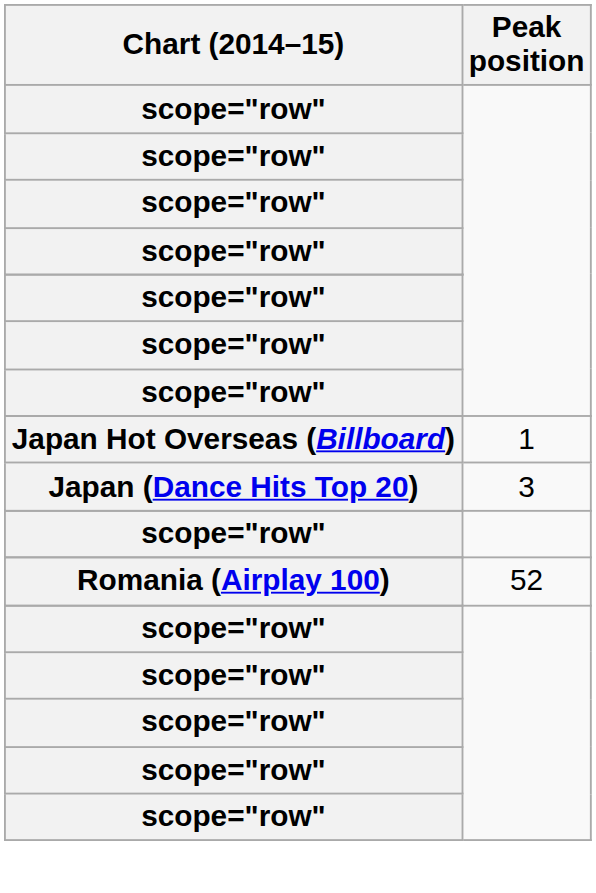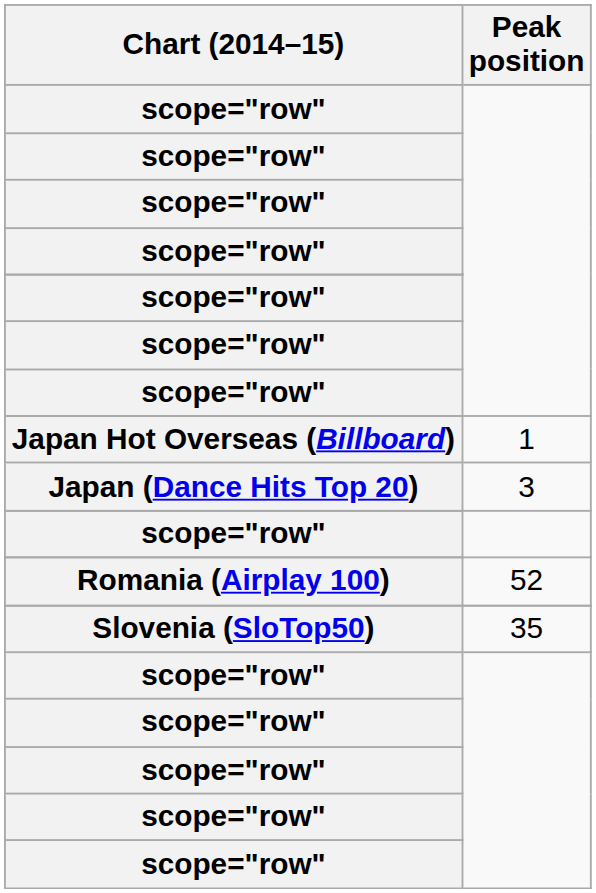 <table class="wikitable sortable plainrowheaders">
 <tr>
 <th>Chart (2014–15)</th>
 <th>Peak<br>position</th>
 </tr>
 <tr>
 <th>scope="row"</th>
 </tr>
 <tr>
 <th>scope="row"</th>
 </tr>
 <tr>
 <th>scope="row"</th>
 </tr>
 <tr>
 <th>scope="row"</th>
 </tr>
 <tr>
 </tr>
 <tr>
 </tr>
 <tr>
 <th>scope="row"</th>
 </tr>
 <tr>
 <th>scope="row"</th>
 </tr>
 <tr>
 <th>scope="row"</th>
 </tr>
 <tr>
 </tr>
 <tr>
 </tr>
 <tr>
 <th scope="row">Japan Hot Overseas (<em><a href='#'>Billboard</a></em>)</th>
 <td style="text-align:center;">1</td>
 </tr>
 <tr>
 <th scope="row">Japan (<a href='#'>Dance Hits Top 20</a>)</th>
 <td style="text-align:center;">3</td>
 </tr>
 <tr>
 </tr>
 <tr>
 <th>scope="row"</th>
 </tr>
 <tr>
 </tr>
 <tr>
 <th scope="row">Romania (<a href='#'>Airplay 100</a>)</th>
 <td align=center>52</td>
 </tr>
 <tr>
 </tr>
 <tr>
 </tr>
 <tr>
 </tr>
 <tr>
+<th scope="row">Slovenia (<a href='#'>SloTop50</a>)</th>
+<td align=center>35</td>
+</tr>
+<tr>
 <th>scope="row"</th>
 </tr>
 <tr>
 <th>scope="row"</th>
 </tr>
 <tr>
 <th>scope="row"</th>
 </tr>
 <tr>
 <th>scope="row"</th>
 </tr>
 <tr>
 <th>scope="row"</th>
 </tr>
 </table>
